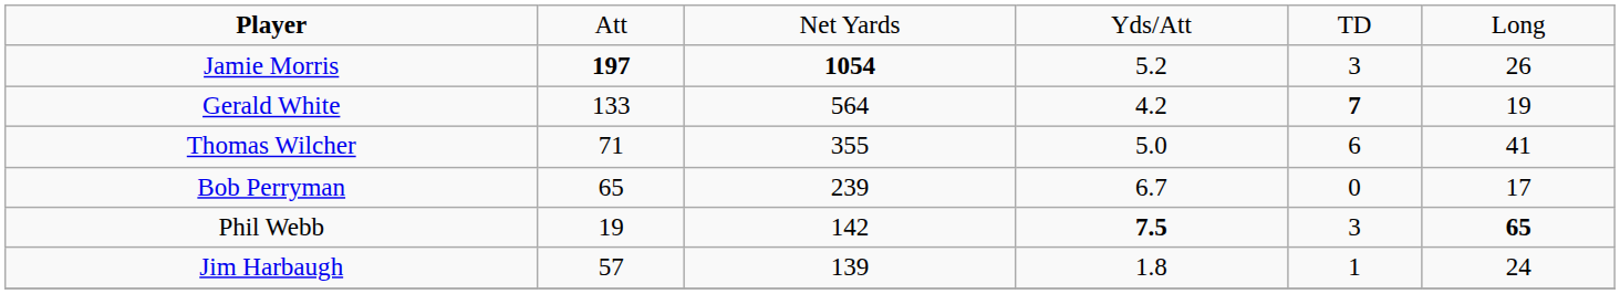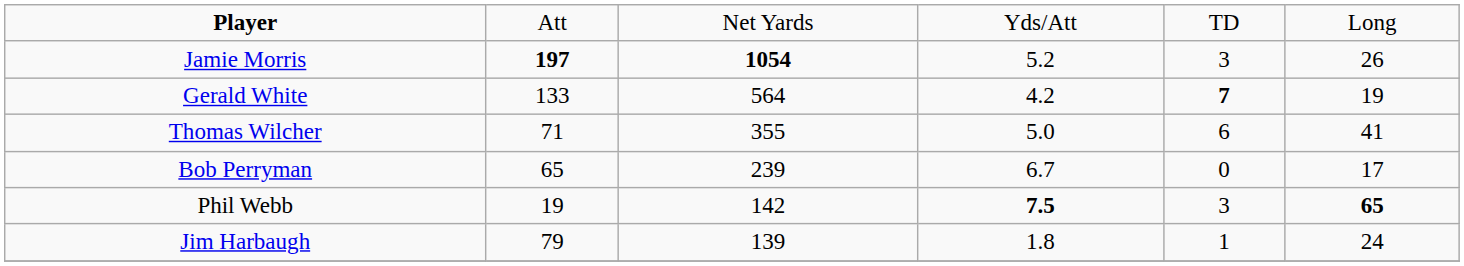 <table class="wikitable" width="80%">
 <tr align="center">
 <td><strong>Player</strong></td>
 <td>Att</td>
 <td>Net Yards</td>
 <td>Yds/Att</td>
 <td>TD</td>
 <td>Long</td>
 </tr>
 <tr align="center" bgcolor="">
 <td><a href='#'>Jamie Morris</a></td>
 <td><strong>197</strong></td>
 <td><strong>1054</strong></td>
 <td>5.2</td>
 <td>3</td>
 <td>26</td>
 </tr>
 <tr align="center" bgcolor="">
 <td><a href='#'>Gerald White</a></td>
 <td>133</td>
 <td>564</td>
 <td>4.2</td>
 <td><strong>7</strong></td>
 <td>19</td>
 </tr>
 <tr align="center" bgcolor="">
 <td><a href='#'>Thomas Wilcher</a></td>
 <td>71</td>
 <td>355</td>
 <td>5.0</td>
 <td>6</td>
 <td>41</td>
 </tr>
 <tr align="center" bgcolor="">
 <td><a href='#'>Bob Perryman</a></td>
 <td>65</td>
 <td>239</td>
 <td>6.7</td>
 <td>0</td>
 <td>17</td>
 </tr>
 <tr align="center" bgcolor="">
 <td>Phil Webb</td>
 <td>19</td>
 <td>142</td>
 <td><strong>7.5</strong></td>
 <td>3</td>
 <td><strong>65</strong></td>
 </tr>
 <tr align="center" bgcolor="">
 <td><a href='#'>Jim Harbaugh</a></td>
-<td>57</td>
+<td>79</td>
 <td>139</td>
 <td>1.8</td>
 <td>1</td>
 <td>24</td>
 </tr>
 <tr align="center" bgcolor="">
 </tr>
 </table>
